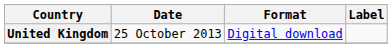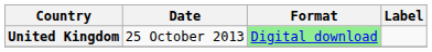 <table class="wikitable plainrowheaders">
 <tr>
 <th scope="col">Country</th>
 <th scope="col">Date</th>
 <th scope="col">Format</th>
 <th scope="col">Label</th>
 </tr>
 <tr>
 <th scope="row">United Kingdom</th>
 <td>25 October 2013</td>
-<td><a href='#'>Digital download</a></td>
+<td style="background: lightgreen;"><a href='#'>Digital download</a></td>
 <td></td>
 </tr>
 <tr>
 </tr>
 </table>
